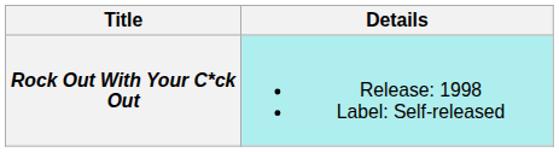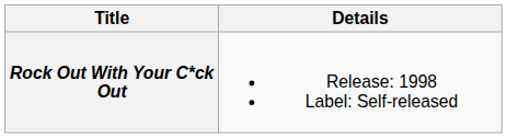 <table class="wikitable plainrowheaders" style="text-align:center;" border="1">
 <tr>
 <th scope="col" style="width:12em;">Title</th>
 <th scope="col" style="width:16em;">Details</th>
 </tr>
 <tr>
 <th scope="row"><em>Rock Out With Your C*ck Out</em></th>
-<td style="background: paleturquoise;"><br><ul><li>Release: 1998</li><li>Label: Self-released</li></ul></td>
+<td><br><ul><li>Release: 1998</li><li>Label: Self-released</li></ul></td>
 </tr>
 </table>
